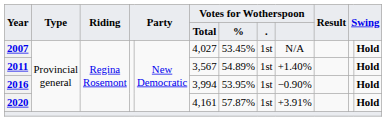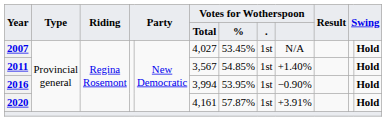 <table class="wikitable" style="font-size:90%; text-align:center;">
 <tr>
 <th rowspan="2" style="background:#eaecf0;">Year</th>
 <th rowspan="2" style="background:#eaecf0;">Type</th>
 <th rowspan="2" style="background:#eaecf0;">Riding</th>
 <th colspan="2" rowspan="2" style="background:#eaecf0;">Party</th>
 <th colspan="4" style="background:#eaecf0;">Votes for Wotherspoon</th>
 <th rowspan="2" style="background:#eaecf0;">Result</th>
 <th colspan="2" rowspan="2" style="background:#eaecf0;"><a href='#'>Swing</a></th>
 </tr>
 <tr>
 <th style="background:#eaecf0;">Total</th>
 <th style="background:#eaecf0;">%</th>
 <th style="background:#eaecf0;">.</th>
 <th style="background:#eaecf0;"></th>
 </tr>
 <tr>
 <th><a href='#'>2007</a></th>
 <td rowspan="4">Provincial<br>general</td>
 <td rowspan="4"><a href='#'>Regina<br>Rosemont</a></td>
 <td rowspan="4" style="background-color:"></td>
 <td rowspan="4"><a href='#'>New<br>Democratic</a></td>
 <td>4,027</td>
 <td>53.45%</td>
 <td>1st</td>
 <td>N/A</td>
 <td></td>
 <td style="background-color:"></td>
 <td><strong>Hold</strong></td>
 </tr>
 <tr>
 <th><a href='#'>2011</a></th>
 <td>3,567</td>
-<td>54.89%</td>
+<td>54.85%</td>
 <td>1st</td>
 <td>+1.40%</td>
 <td></td>
 <td style="background-color:"></td>
 <td><strong>Hold</strong></td>
 </tr>
 <tr>
 <th><a href='#'>2016</a></th>
 <td>3,994</td>
 <td>53.95%</td>
 <td>1st</td>
 <td>−0.90%</td>
 <td></td>
 <td style="background-color:"></td>
 <td><strong>Hold</strong></td>
 </tr>
 <tr>
 <th><a href='#'>2020</a></th>
 <td>4,161</td>
 <td>57.87%</td>
 <td>1st</td>
 <td>+3.91%</td>
 <td></td>
 <td style="background-color:"></td>
 <td><strong>Hold</strong></td>
 </tr>
 <tr>
 <th colspan="12" style="background:#eaecf0;"></th>
 </tr>
 </table>
